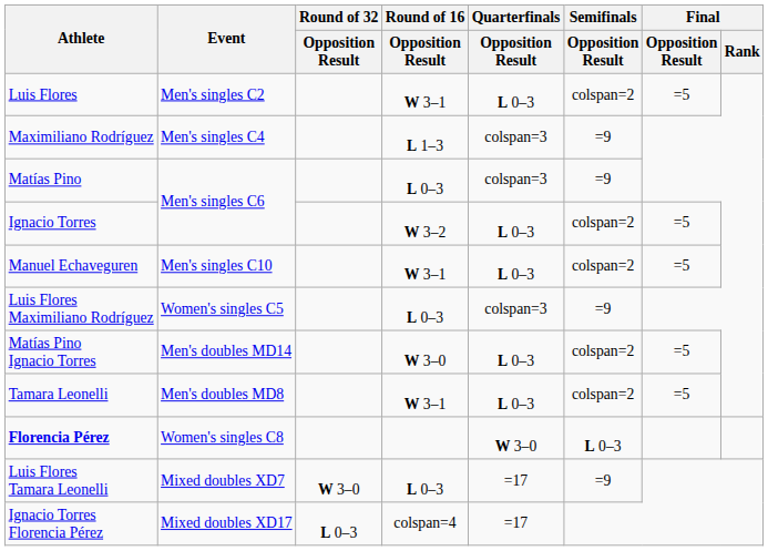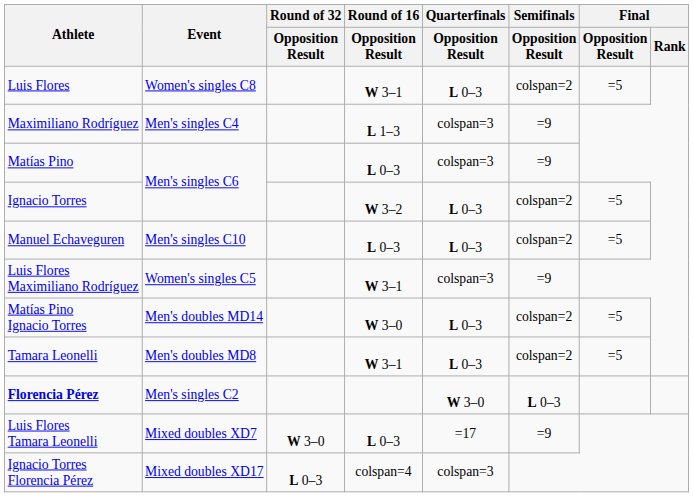 <table class=wikitable style="font-size:90%">
 <tr align=center>
 <th rowspan="2">Athlete</th>
 <th rowspan="2">Event</th>
 <th>Round of 32</th>
 <th>Round of 16</th>
 <th>Quarterfinals</th>
 <th>Semifinals</th>
 <th colspan="2">Final</th>
 </tr>
 <tr>
 <th>Opposition<br>Result</th>
 <th>Opposition<br>Result</th>
 <th>Opposition<br>Result</th>
 <th>Opposition<br>Result</th>
 <th>Opposition<br>Result</th>
 <th>Rank</th>
 </tr>
 <tr align=center>
 <td align=left><a href='#'>Luis Flores</a></td>
-<td align=left><a href='#'>Men's singles C2</a></td>
+<td align=left><a href='#'>Women's singles C8</a></td>
 <td></td>
 <td><br><strong>W</strong> 3–1</td>
 <td><br><strong>L</strong> 0–3</td>
 <td>colspan=2 </td>
 <td>=5</td>
 </tr>
 <tr align=center>
 <td align=left><a href='#'>Maximiliano Rodríguez</a></td>
 <td align=left><a href='#'>Men's singles C4</a></td>
 <td></td>
 <td><br><strong>L</strong> 1–3</td>
 <td>colspan=3 </td>
 <td>=9</td>
 </tr>
 <tr align=center>
 <td align=left><a href='#'>Matías Pino</a></td>
 <td align=left rowspan=2><a href='#'>Men's singles C6</a></td>
 <td></td>
 <td><br><strong>L</strong> 0–3</td>
 <td>colspan=3 </td>
 <td>=9</td>
 </tr>
 <tr align=center>
 <td align=left><a href='#'>Ignacio Torres</a></td>
 <td></td>
 <td><br><strong>W</strong> 3–2</td>
 <td><br><strong>L</strong> 0–3</td>
 <td>colspan=2 </td>
 <td>=5</td>
 </tr>
 <tr align=center>
 <td align=left><a href='#'>Manuel Echaveguren</a></td>
 <td align=left><a href='#'>Men's singles C10</a></td>
 <td></td>
-<td><br><strong>W</strong> 3–1</td>
+<td><br><strong>L</strong> 0–3</td>
 <td><br><strong>L</strong> 0–3</td>
 <td>colspan=2 </td>
 <td>=5</td>
 </tr>
 <tr align=center>
 <td align=left><a href='#'>Luis Flores</a><br><a href='#'>Maximiliano Rodríguez</a></td>
 <td align=left><a href='#'>Women's singles C5</a></td>
 <td></td>
-<td><br><strong>L</strong> 0–3</td>
+<td><br><strong>W</strong> 3–1</td>
 <td>colspan=3 </td>
 <td>=9</td>
 </tr>
 <tr align=center>
 <td align=left><a href='#'>Matías Pino</a><br><a href='#'>Ignacio Torres</a></td>
 <td align=left><a href='#'>Men's doubles MD14</a></td>
 <td></td>
 <td><br><strong>W</strong> 3–0</td>
 <td><br><strong>L</strong> 0–3</td>
 <td>colspan=2 </td>
 <td>=5</td>
 </tr>
 <tr align=center>
 <td align=left><a href='#'>Tamara Leonelli</a></td>
 <td align=left><a href='#'>Men's doubles MD8</a></td>
 <td></td>
 <td><br><strong>W</strong> 3–1</td>
 <td><br><strong>L</strong> 0–3</td>
 <td>colspan=2 </td>
 <td>=5</td>
 </tr>
 <tr align=center>
 <td align=left><strong><a href='#'>Florencia Pérez</a></strong></td>
-<td align=left><a href='#'>Women's singles C8</a></td>
+<td align=left><a href='#'>Men's singles C2</a></td>
 <td></td>
 <td></td>
 <td><br><strong>W</strong> 3–0</td>
 <td><br><strong>L</strong> 0–3</td>
 <td></td>
 <td></td>
 </tr>
 <tr align=center>
 <td align=left><a href='#'>Luis Flores</a><br><a href='#'>Tamara Leonelli</a></td>
 <td align=left><a href='#'>Mixed doubles XD7</a></td>
 <td><br><strong>W</strong> 3–0</td>
 <td> <br><strong>L</strong> 0–3</td>
 <td>=17</td>
 <td>=9</td>
 </tr>
 <tr align=center>
 <td align=left><a href='#'>Ignacio Torres</a><br><a href='#'>Florencia Pérez</a></td>
 <td align=left><a href='#'>Mixed doubles XD17</a></td>
 <td><br><strong>L</strong> 0–3</td>
 <td>colspan=4 </td>
-<td>=17</td>
+<td>colspan=3 </td>
 </tr>
 </table>
